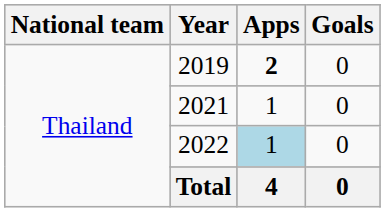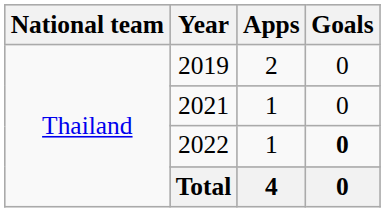 <table class="wikitable" style="text-align:center">
 <tr>
 <th>National team</th>
 <th>Year</th>
 <th>Apps</th>
 <th>Goals</th>
 </tr>
 <tr>
 <td rowspan="6" valign="center"><a href='#'>Thailand</a></td>
 <td>2019</td>
-<td><strong>2</strong></td>
+<td>2</td>
 <td>0</td>
 </tr>
 <tr>
 <td>2021</td>
 <td>1</td>
 <td>0</td>
 </tr>
 <tr>
 <td>2022</td>
-<td style="background: lightblue;">1</td>
-<td>0</td>
+<td>1</td>
+<td><strong>0</strong></td>
 </tr>
 <tr>
 <th>Total</th>
 <th>4</th>
 <th>0</th>
 </tr>
 </table>
